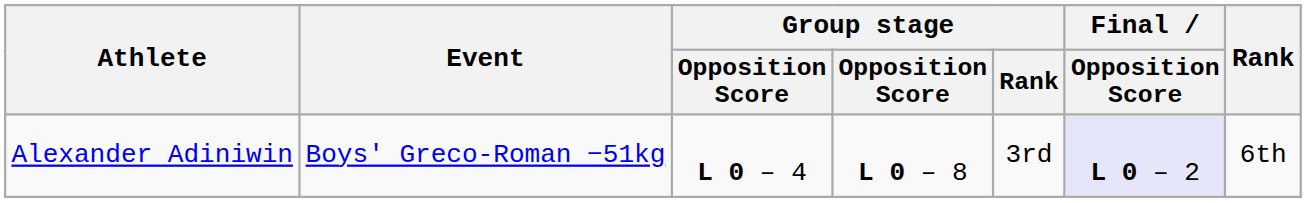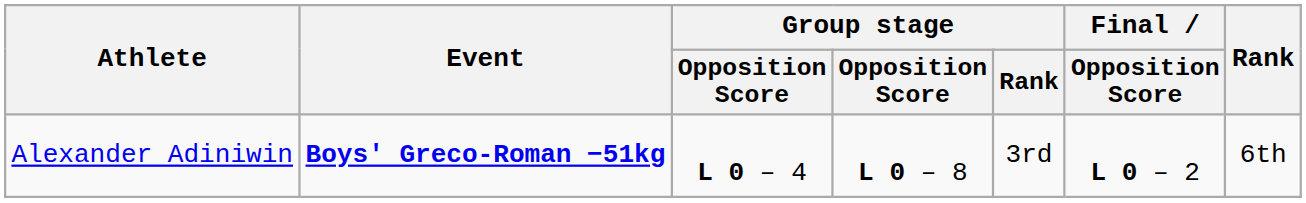 <table class="wikitable" style="font-size:90%">
 <tr>
 <th rowspan=2>Athlete</th>
 <th rowspan=2>Event</th>
 <th colspan=3>Group stage</th>
 <th>Final / </th>
 <th rowspan=2>Rank</th>
 </tr>
 <tr style="font-size:95%">
 <th>Opposition<br>Score</th>
 <th>Opposition<br>Score</th>
 <th>Rank</th>
 <th>Opposition<br>Score</th>
 </tr>
 <tr align=center>
 <td align=left><a href='#'>Alexander Adiniwin</a></td>
-<td align=left><a href='#'>Boys' Greco-Roman −51kg</a></td>
+<td align=left><strong><a href='#'>Boys' Greco-Roman −51kg</a></strong></td>
 <td><br><strong>L</strong> <strong>0</strong> – 4 <sup></sup></td>
 <td><br><strong>L</strong> <strong>0</strong> – 8 <sup></sup></td>
 <td>3rd </td>
-<td style="background: lavender;"><br><strong>L</strong> <strong>0</strong> – 2 <sup></sup></td>
+<td><br><strong>L</strong> <strong>0</strong> – 2 <sup></sup></td>
 <td>6th</td>
 </tr>
 </table>
